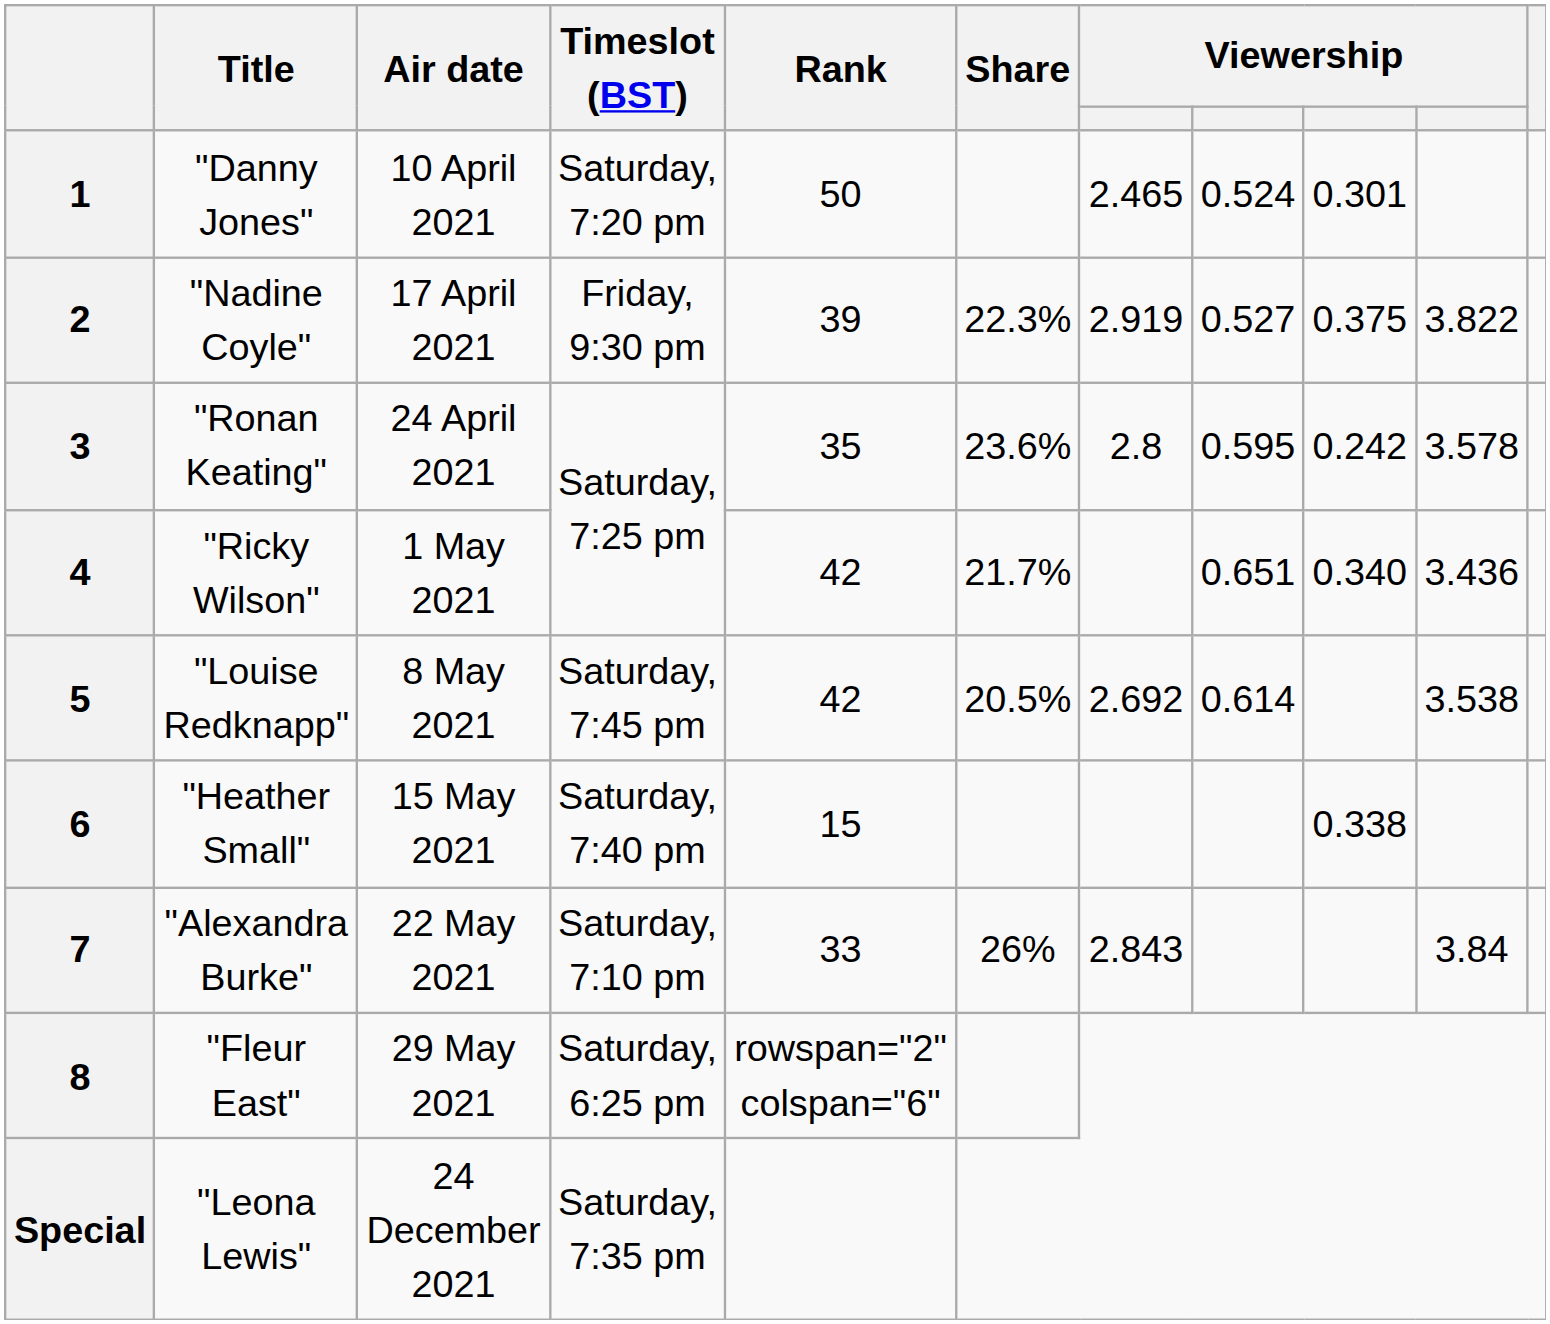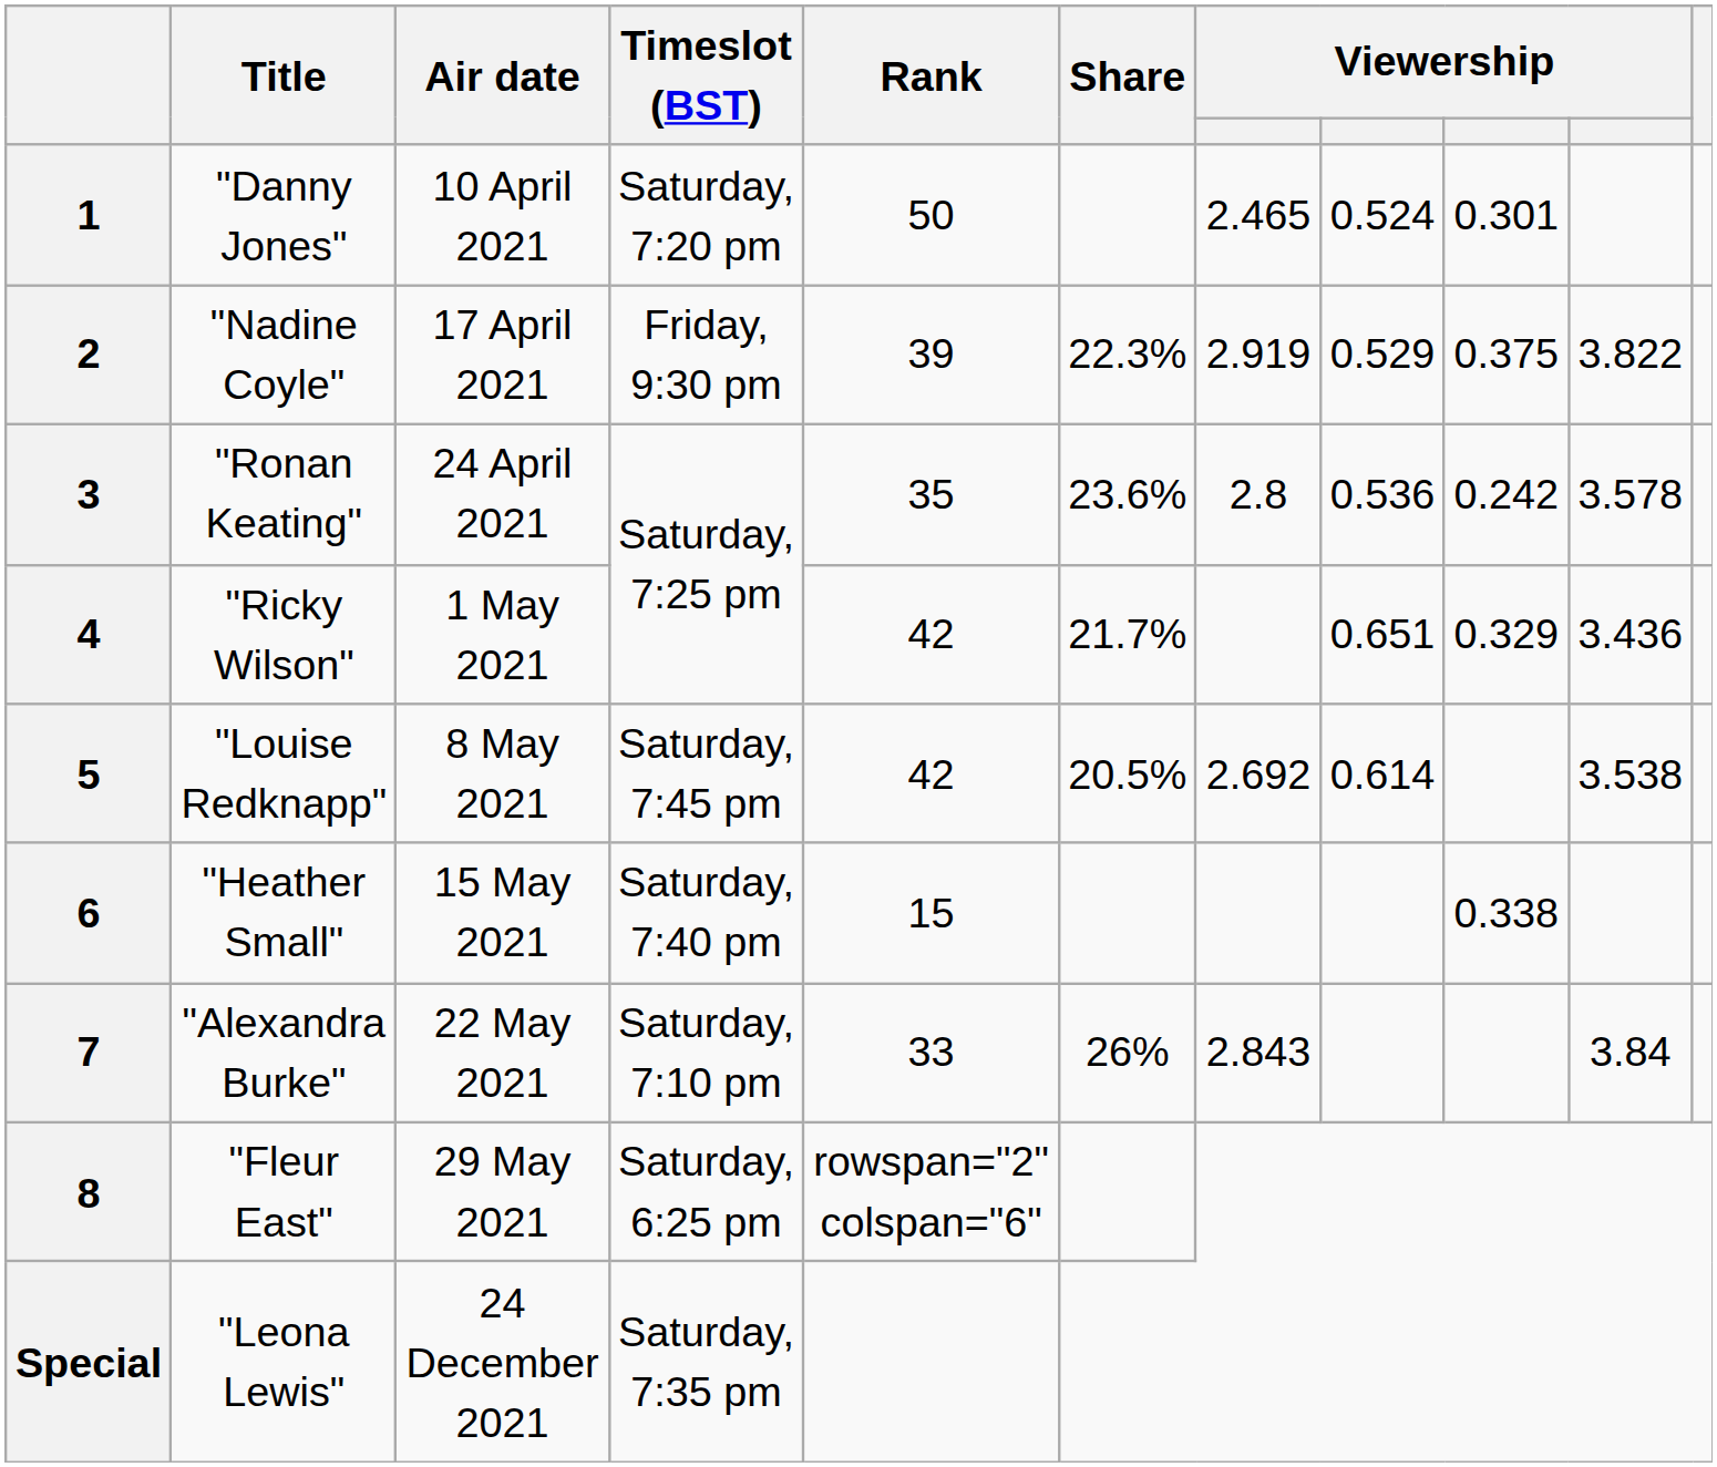 <table class="sortable wikitable plainrowheaders mw-collapsible" style=" text-align:center; line-height:23px; width:100%;">
 <tr>
 <th rowspan=2 class="unsortable"></th>
 <th rowspan=2 class="unsortable" width=24%>Title</th>
 <th rowspan=2 class="unsortable" width=20%>Air date</th>
 <th rowspan=2 class="unsortable" width=20%>Timeslot (<a href='#'>BST</a>)</th>
 <th rowspan=2 class="unsortable">Rank</th>
 <th rowspan=2>Share</th>
 <th colspan=4>Viewership</th>
 <th rowspan=2 class="unsortable"></th>
 </tr>
 <tr>
 <th></th>
 <th></th>
 <th></th>
 <th></th>
 </tr>
 <tr>
 <th>1</th>
 <td>"Danny Jones"</td>
 <td>10 April 2021</td>
 <td>Saturday, 7:20 pm</td>
 <td>50</td>
 <td></td>
 <td>2.465</td>
 <td>0.524</td>
 <td>0.301</td>
 <td></td>
 <td></td>
 </tr>
 <tr>
 <th>2</th>
 <td>"Nadine Coyle"</td>
 <td>17 April 2021</td>
 <td>Friday, 9:30 pm</td>
 <td>39</td>
 <td>22.3%</td>
 <td>2.919</td>
-<td>0.527</td>
+<td>0.529</td>
 <td>0.375</td>
 <td>3.822</td>
 <td></td>
 </tr>
 <tr>
 <th>3</th>
 <td>"Ronan Keating"</td>
 <td>24 April 2021</td>
 <td rowspan="2">Saturday, 7:25 pm</td>
 <td>35</td>
 <td>23.6%</td>
 <td>2.8</td>
-<td>0.595</td>
+<td>0.536</td>
 <td>0.242</td>
 <td>3.578</td>
 <td></td>
 </tr>
 <tr>
 <th>4</th>
 <td>"Ricky Wilson"</td>
 <td>1 May 2021</td>
 <td>42</td>
 <td>21.7%</td>
 <td></td>
 <td>0.651</td>
-<td>0.340</td>
+<td>0.329</td>
 <td>3.436</td>
 <td></td>
 </tr>
 <tr>
 <th>5</th>
 <td>"Louise Redknapp"</td>
 <td>8 May 2021</td>
 <td>Saturday, 7:45 pm</td>
 <td>42</td>
 <td>20.5%</td>
 <td>2.692</td>
 <td>0.614</td>
 <td></td>
 <td>3.538</td>
 <td></td>
 </tr>
 <tr>
 <th>6</th>
 <td>"Heather Small"</td>
 <td>15 May 2021</td>
 <td>Saturday, 7:40 pm</td>
 <td>15</td>
 <td></td>
 <td></td>
 <td></td>
 <td>0.338</td>
 <td></td>
 <td></td>
 </tr>
 <tr>
 <th>7</th>
 <td>"Alexandra Burke"</td>
 <td>22 May 2021</td>
 <td>Saturday, 7:10 pm</td>
 <td>33</td>
 <td>26%</td>
 <td>2.843</td>
 <td></td>
 <td></td>
 <td>3.84</td>
 <td></td>
 </tr>
 <tr>
 <th>8</th>
 <td>"Fleur East"</td>
 <td>29 May 2021</td>
 <td>Saturday, 6:25 pm</td>
 <td>rowspan="2" colspan="6" </td>
 <td></td>
 </tr>
 <tr>
 <th>Special</th>
 <td>"Leona Lewis"</td>
 <td>24 December 2021</td>
 <td>Saturday, 7:35 pm</td>
 <td></td>
 </tr>
 </table>
